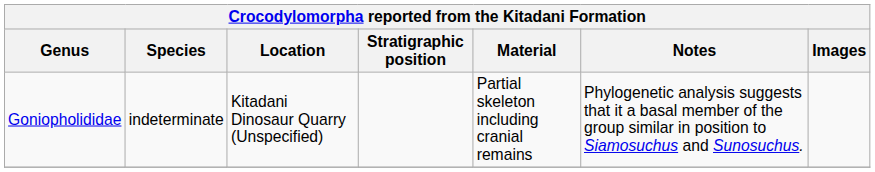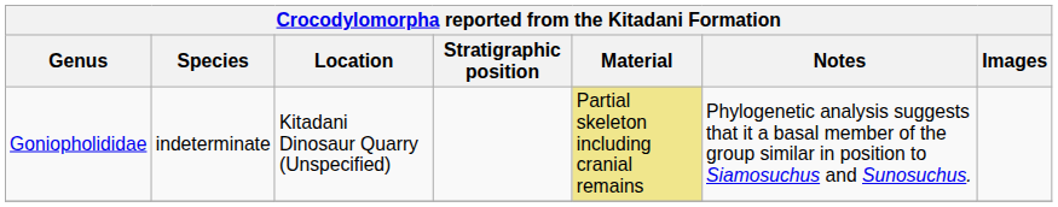 <table class="wikitable" align="center" width="100%">
 <tr>
 <th colspan="7" align="center"><strong><a href='#'>Crocodylomorpha</a> reported from the Kitadani Formation</strong></th>
 </tr>
 <tr>
 <th>Genus</th>
 <th>Species</th>
 <th>Location</th>
 <th>Stratigraphic position</th>
 <th>Material</th>
 <th>Notes</th>
 <th>Images</th>
 </tr>
 <tr>
 <td><a href='#'>Goniopholididae</a></td>
 <td>indeterminate</td>
 <td>Kitadani Dinosaur Quarry (Unspecified)</td>
 <td></td>
-<td>Partial skeleton including cranial remains</td>
+<td style="background: khaki;">Partial skeleton including cranial remains</td>
 <td>Phylogenetic analysis suggests that it a basal member of the group similar in position to <em><a href='#'>Siamosuchus</a></em> and <em><a href='#'>Sunosuchus</a>.</em></td>
 <td><br></td>
 </tr>
 <tr>
 </tr>
 </table>
